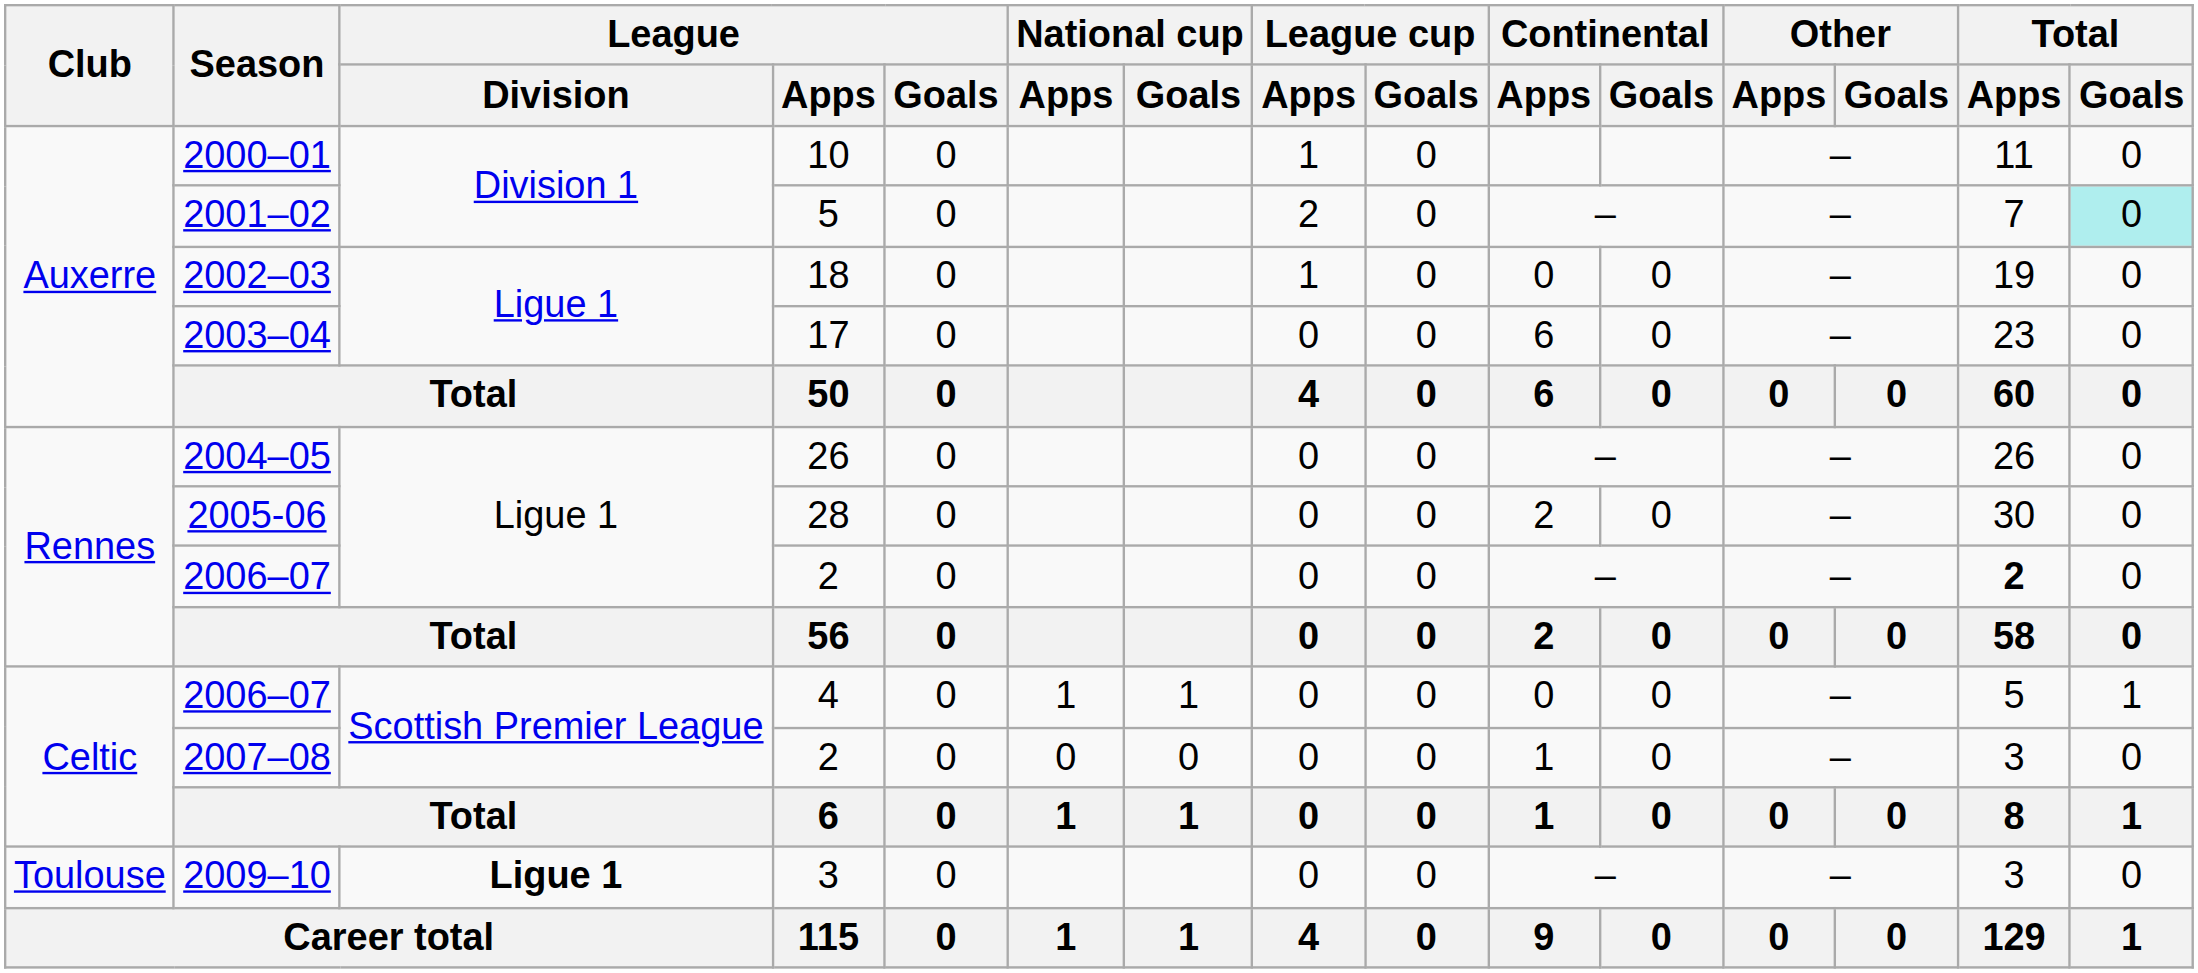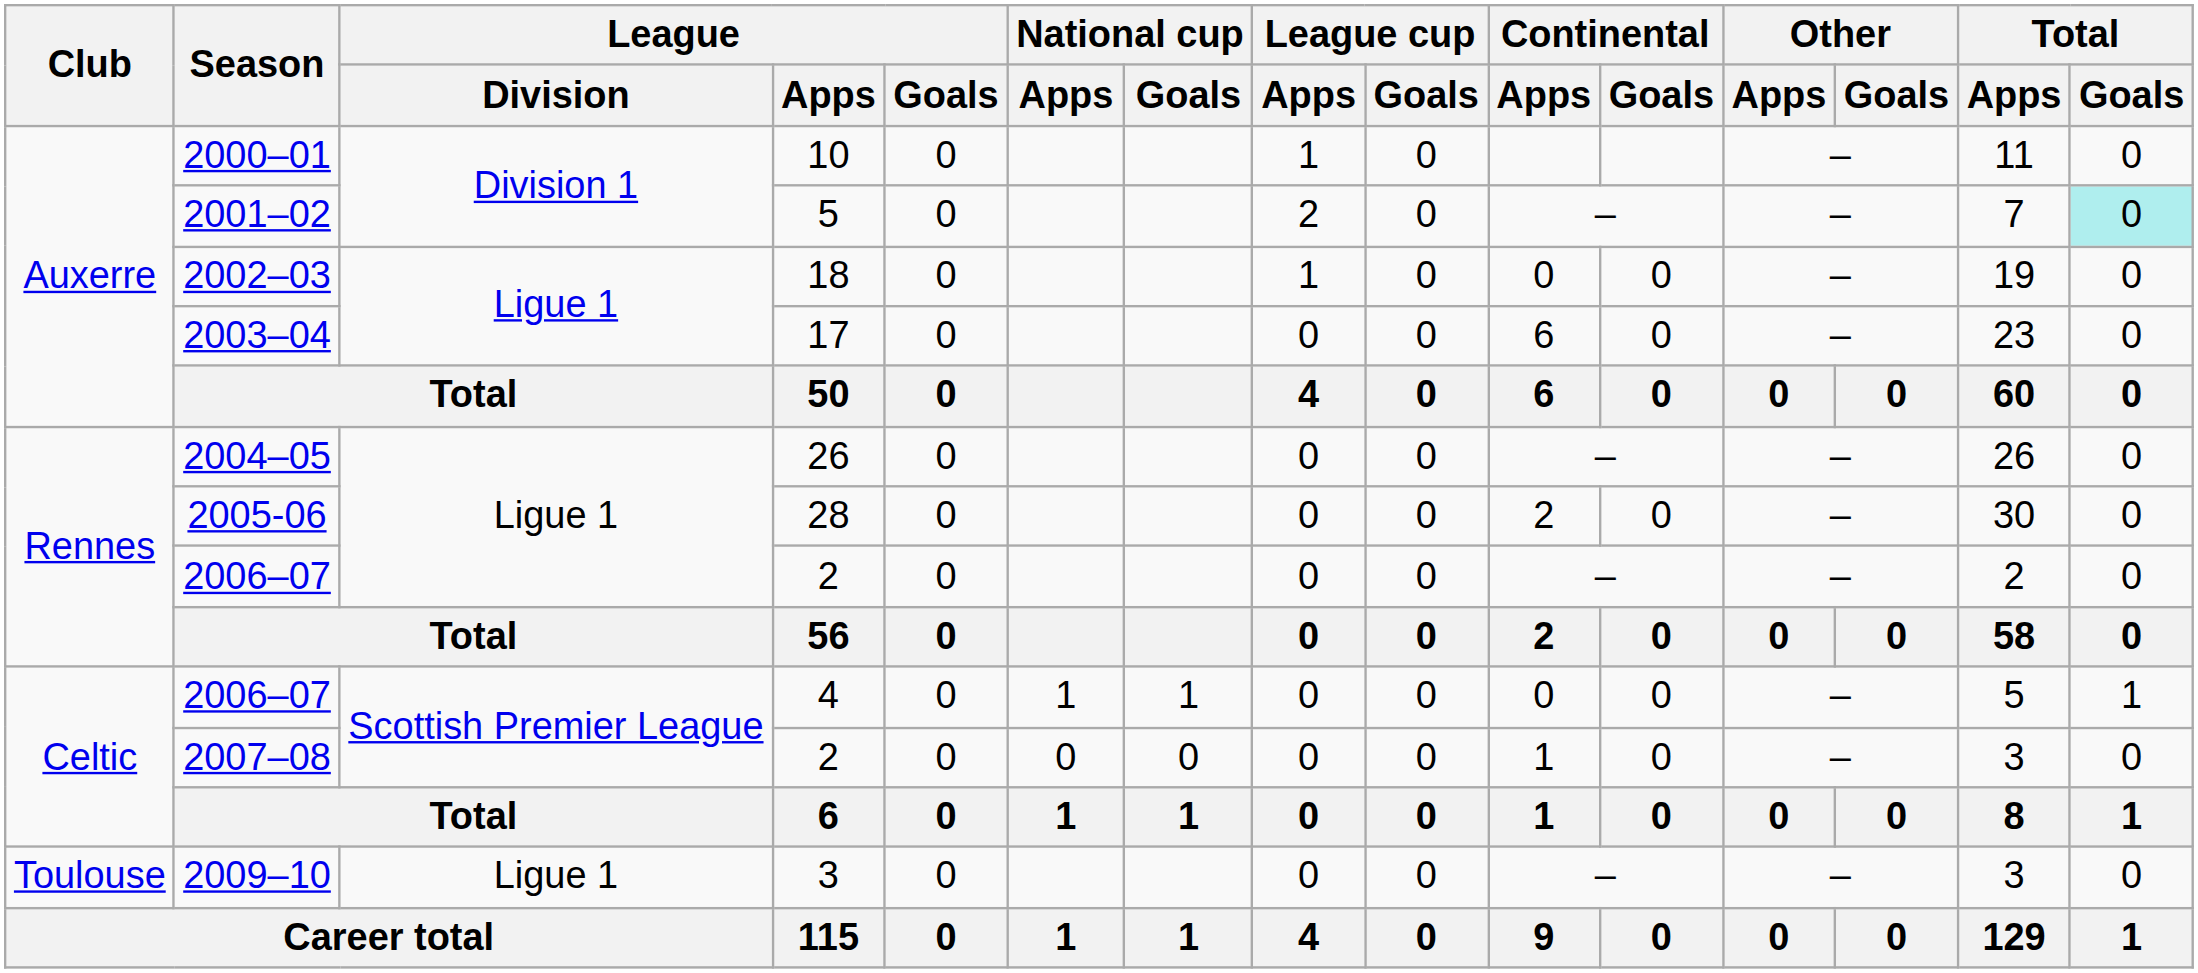 <table class="wikitable" style="text-align: center;">
 <tr>
 <th rowspan="2">Club</th>
 <th rowspan="2">Season</th>
 <th colspan="3">League</th>
 <th colspan="2">National cup</th>
 <th colspan="2">League cup</th>
 <th colspan="2">Continental</th>
 <th colspan="2">Other</th>
 <th colspan="2">Total</th>
 </tr>
 <tr>
 <th>Division</th>
 <th>Apps</th>
 <th>Goals</th>
 <th>Apps</th>
 <th>Goals</th>
 <th>Apps</th>
 <th>Goals</th>
 <th>Apps</th>
 <th>Goals</th>
 <th>Apps</th>
 <th>Goals</th>
 <th>Apps</th>
 <th>Goals</th>
 </tr>
 <tr>
 <td rowspan="5"><a href='#'>Auxerre</a></td>
 <td><a href='#'>2000–01</a></td>
 <td rowspan="2"><a href='#'>Division 1</a></td>
 <td>10</td>
 <td>0</td>
 <td></td>
 <td></td>
 <td>1</td>
 <td>0</td>
 <td></td>
 <td></td>
 <td colspan="2">–</td>
 <td>11</td>
 <td>0</td>
 </tr>
 <tr>
 <td><a href='#'>2001–02</a></td>
 <td>5</td>
 <td>0</td>
 <td></td>
 <td></td>
 <td>2</td>
 <td>0</td>
 <td colspan="2">–</td>
 <td colspan="2">–</td>
 <td>7</td>
 <td style="background: paleturquoise;">0</td>
 </tr>
 <tr>
 <td><a href='#'>2002–03</a></td>
 <td rowspan="2"><a href='#'>Ligue 1</a></td>
 <td>18</td>
 <td>0</td>
 <td></td>
 <td></td>
 <td>1</td>
 <td>0</td>
 <td>0</td>
 <td>0</td>
 <td colspan="2">–</td>
 <td>19</td>
 <td>0</td>
 </tr>
 <tr>
 <td><a href='#'>2003–04</a></td>
 <td>17</td>
 <td>0</td>
 <td></td>
 <td></td>
 <td>0</td>
 <td>0</td>
 <td>6</td>
 <td>0</td>
 <td colspan="2">–</td>
 <td>23</td>
 <td>0</td>
 </tr>
 <tr>
 <th colspan="2">Total</th>
 <th>50</th>
 <th>0</th>
 <th></th>
 <th></th>
 <th>4</th>
 <th>0</th>
 <th>6</th>
 <th>0</th>
 <th>0</th>
 <th>0</th>
 <th>60</th>
 <th>0</th>
 </tr>
 <tr>
 <td rowspan="4"><a href='#'>Rennes</a></td>
 <td><a href='#'>2004–05</a></td>
 <td rowspan="3">Ligue 1</td>
 <td>26</td>
 <td>0</td>
 <td></td>
 <td></td>
 <td>0</td>
 <td>0</td>
 <td colspan="2">–</td>
 <td colspan="2">–</td>
 <td>26</td>
 <td>0</td>
 </tr>
 <tr>
 <td><a href='#'>2005-06</a></td>
 <td>28</td>
 <td>0</td>
 <td></td>
 <td></td>
 <td>0</td>
 <td>0</td>
 <td>2</td>
 <td>0</td>
 <td colspan="2">–</td>
 <td>30</td>
 <td>0</td>
 </tr>
 <tr>
 <td><a href='#'>2006–07</a></td>
 <td>2</td>
 <td>0</td>
 <td></td>
 <td></td>
 <td>0</td>
 <td>0</td>
 <td colspan="2">–</td>
 <td colspan="2">–</td>
-<td><strong>2</strong></td>
+<td>2</td>
 <td>0</td>
 </tr>
 <tr>
 <th colspan="2">Total</th>
 <th>56</th>
 <th>0</th>
 <th></th>
 <th></th>
 <th>0</th>
 <th>0</th>
 <th>2</th>
 <th>0</th>
 <th>0</th>
 <th>0</th>
 <th>58</th>
 <th>0</th>
 </tr>
 <tr>
 <td rowspan="3"><a href='#'>Celtic</a></td>
 <td><a href='#'>2006–07</a></td>
 <td rowspan="2"><a href='#'>Scottish Premier League</a></td>
 <td>4</td>
 <td>0</td>
 <td>1</td>
 <td>1</td>
 <td>0</td>
 <td>0</td>
 <td>0</td>
 <td>0</td>
 <td colspan="2">–</td>
 <td>5</td>
 <td>1</td>
 </tr>
 <tr>
 <td><a href='#'>2007–08</a></td>
 <td>2</td>
 <td>0</td>
 <td>0</td>
 <td>0</td>
 <td>0</td>
 <td>0</td>
 <td>1</td>
 <td>0</td>
 <td colspan="2">–</td>
 <td>3</td>
 <td>0</td>
 </tr>
 <tr>
 <th colspan="2">Total</th>
 <th>6</th>
 <th>0</th>
 <th>1</th>
 <th>1</th>
 <th>0</th>
 <th>0</th>
 <th>1</th>
 <th>0</th>
 <th>0</th>
 <th>0</th>
 <th>8</th>
 <th>1</th>
 </tr>
 <tr>
 <td><a href='#'>Toulouse</a></td>
 <td><a href='#'>2009–10</a></td>
-<td><strong>Ligue 1</strong></td>
+<td>Ligue 1</td>
 <td>3</td>
 <td>0</td>
 <td></td>
 <td></td>
 <td>0</td>
 <td>0</td>
 <td colspan="2">–</td>
 <td colspan="2">–</td>
 <td>3</td>
 <td>0</td>
 </tr>
 <tr>
 <th colspan="3">Career total</th>
 <th>115</th>
 <th>0</th>
 <th>1</th>
 <th>1</th>
 <th>4</th>
 <th>0</th>
 <th>9</th>
 <th>0</th>
 <th>0</th>
 <th>0</th>
 <th>129</th>
 <th>1</th>
 </tr>
 </table>
